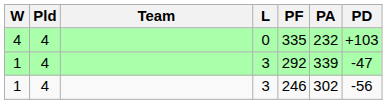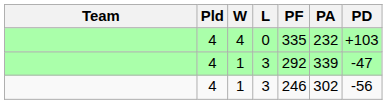 <table class=wikitable style="text-align:center">
 <tr>
+<th width=200>Team</th>
+<th width=20>Pld</th>
 <th width=20>W</th>
-<th width=20>Pld</th>
-<th width=200>Team</th>
 <th width=20>L</th>
 <th width=20>PF</th>
 <th width=20>PA</th>
 <th width=30>PD</th>
 </tr>
 <tr bgcolor=#aaffaa>
+<td align=left></td>
 <td>4</td>
 <td>4</td>
-<td align=left></td>
 <td>0</td>
 <td>335</td>
 <td>232</td>
 <td>+103</td>
 </tr>
 <tr bgcolor=#aaffaa>
+<td align=left></td>
+<td>4</td>
 <td>1</td>
-<td>4</td>
-<td align=left></td>
 <td>3</td>
 <td>292</td>
 <td>339</td>
 <td>-47</td>
 </tr>
 <tr bgcolor=>
+<td align=left></td>
+<td>4</td>
 <td>1</td>
-<td>4</td>
-<td align=left></td>
 <td>3</td>
 <td>246</td>
 <td>302</td>
 <td>-56</td>
 </tr>
 </table>
